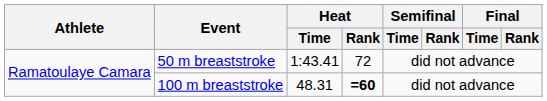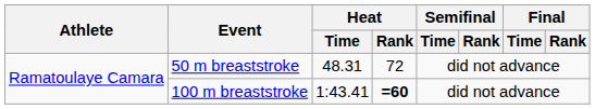 <table class=wikitable style="font-size:90%">
 <tr>
 <th rowspan="2">Athlete</th>
 <th rowspan="2">Event</th>
 <th colspan="2">Heat</th>
 <th colspan="2">Semifinal</th>
 <th colspan="2">Final</th>
 </tr>
 <tr style="font-size:95%">
 <th>Time</th>
 <th>Rank</th>
 <th>Time</th>
 <th>Rank</th>
 <th>Time</th>
 <th>Rank</th>
 </tr>
 <tr align=center>
 <td align=left rowspan=2><a href='#'>Ramatoulaye Camara</a></td>
 <td align=left><a href='#'>50 m breaststroke</a></td>
-<td>1:43.41</td>
+<td>48.31</td>
 <td>72</td>
 <td colspan=4>did not advance</td>
 </tr>
 <tr align=center>
 <td align=left><a href='#'>100 m breaststroke</a></td>
-<td>48.31</td>
+<td>1:43.41</td>
 <td><strong>=60</strong></td>
 <td colspan=4>did not advance</td>
 </tr>
 </table>
